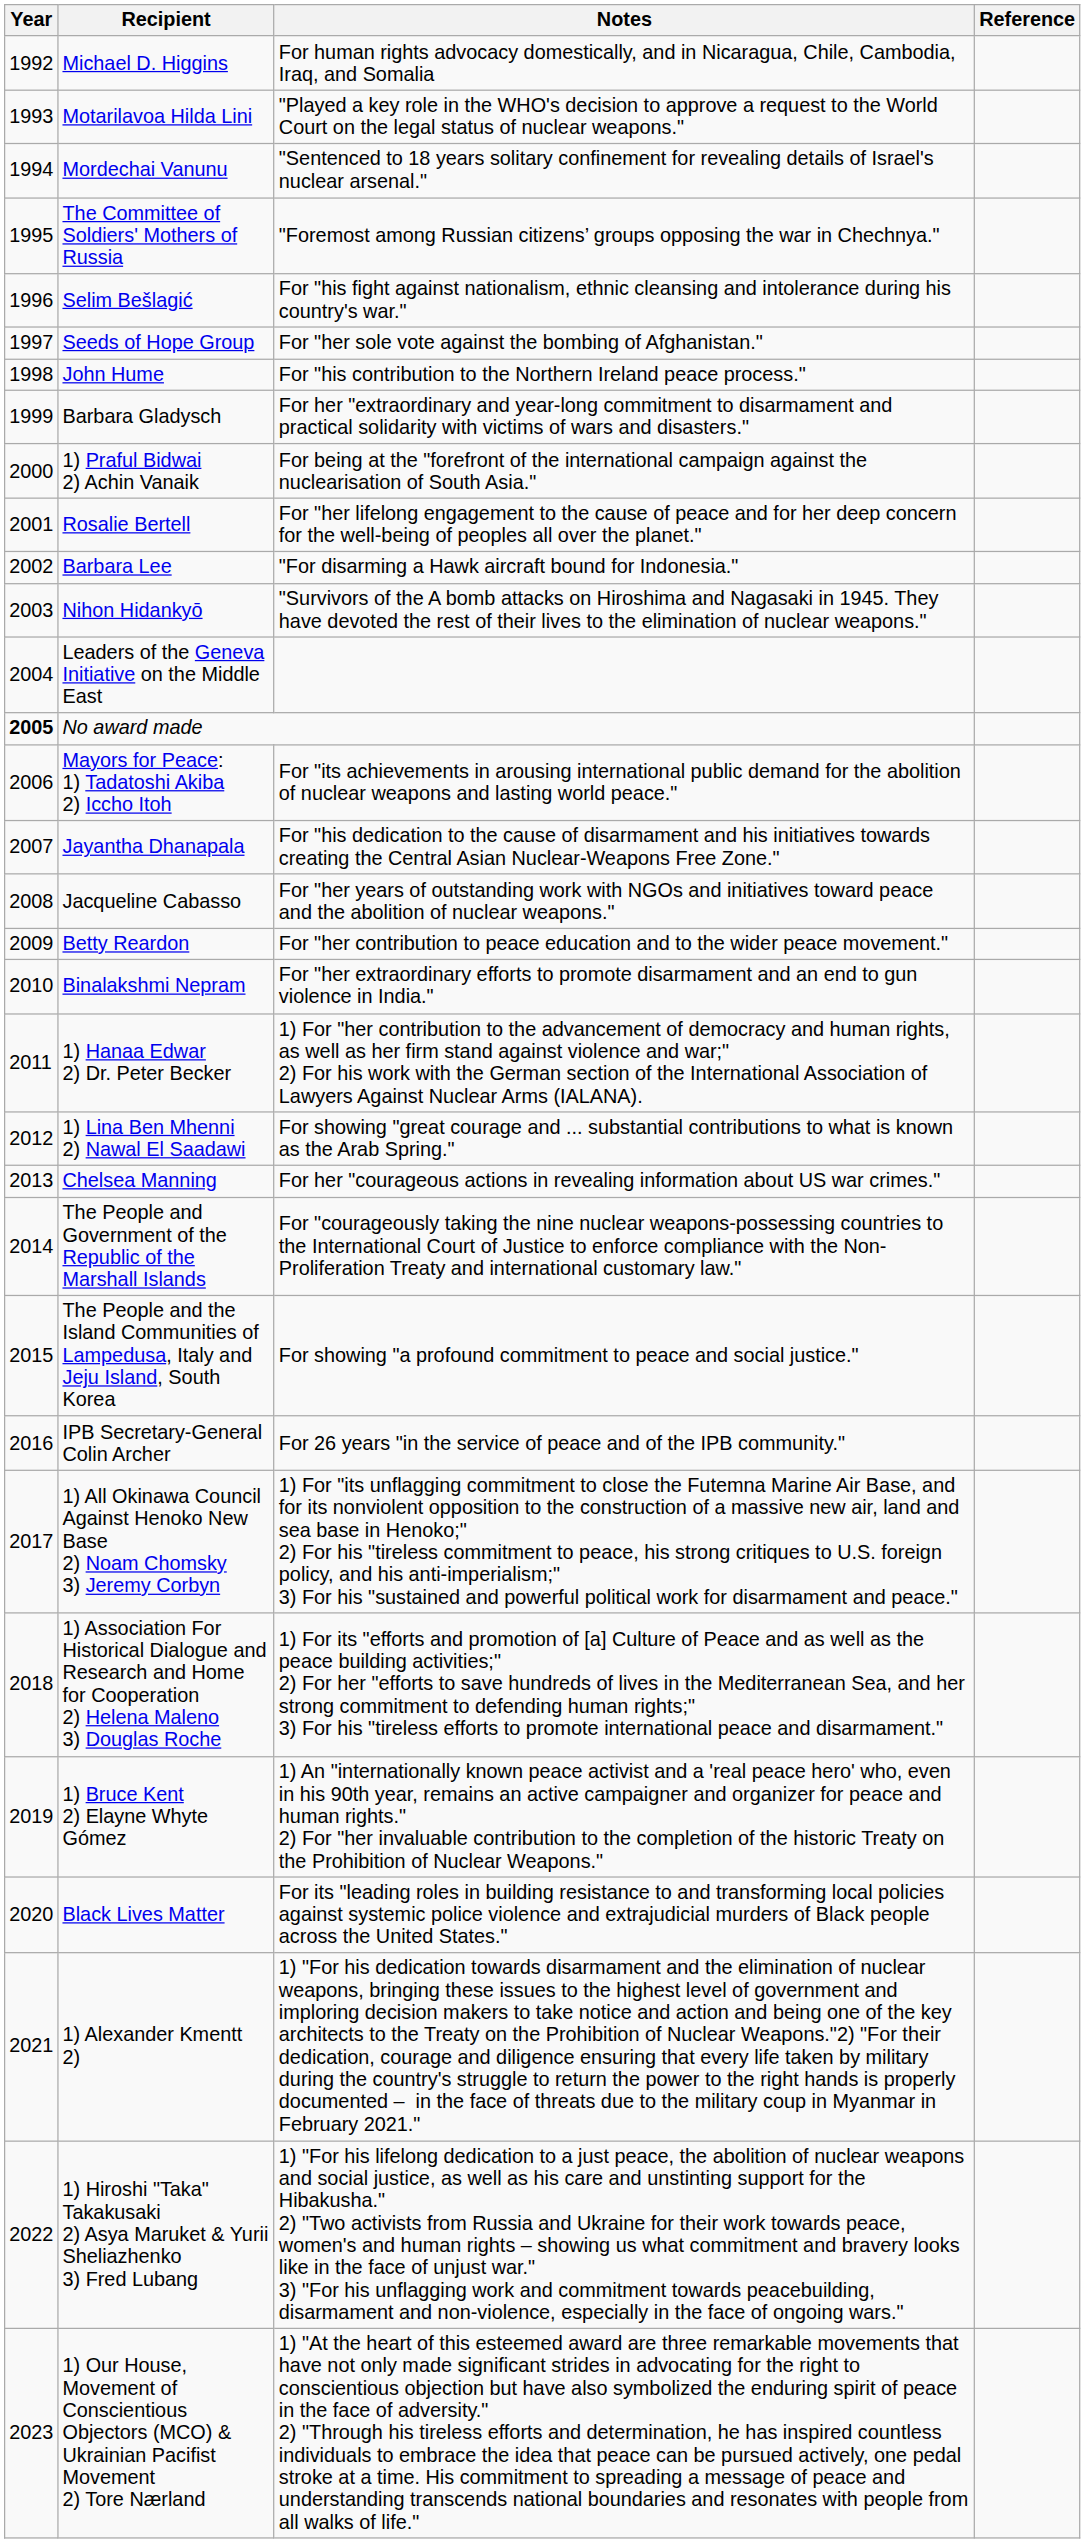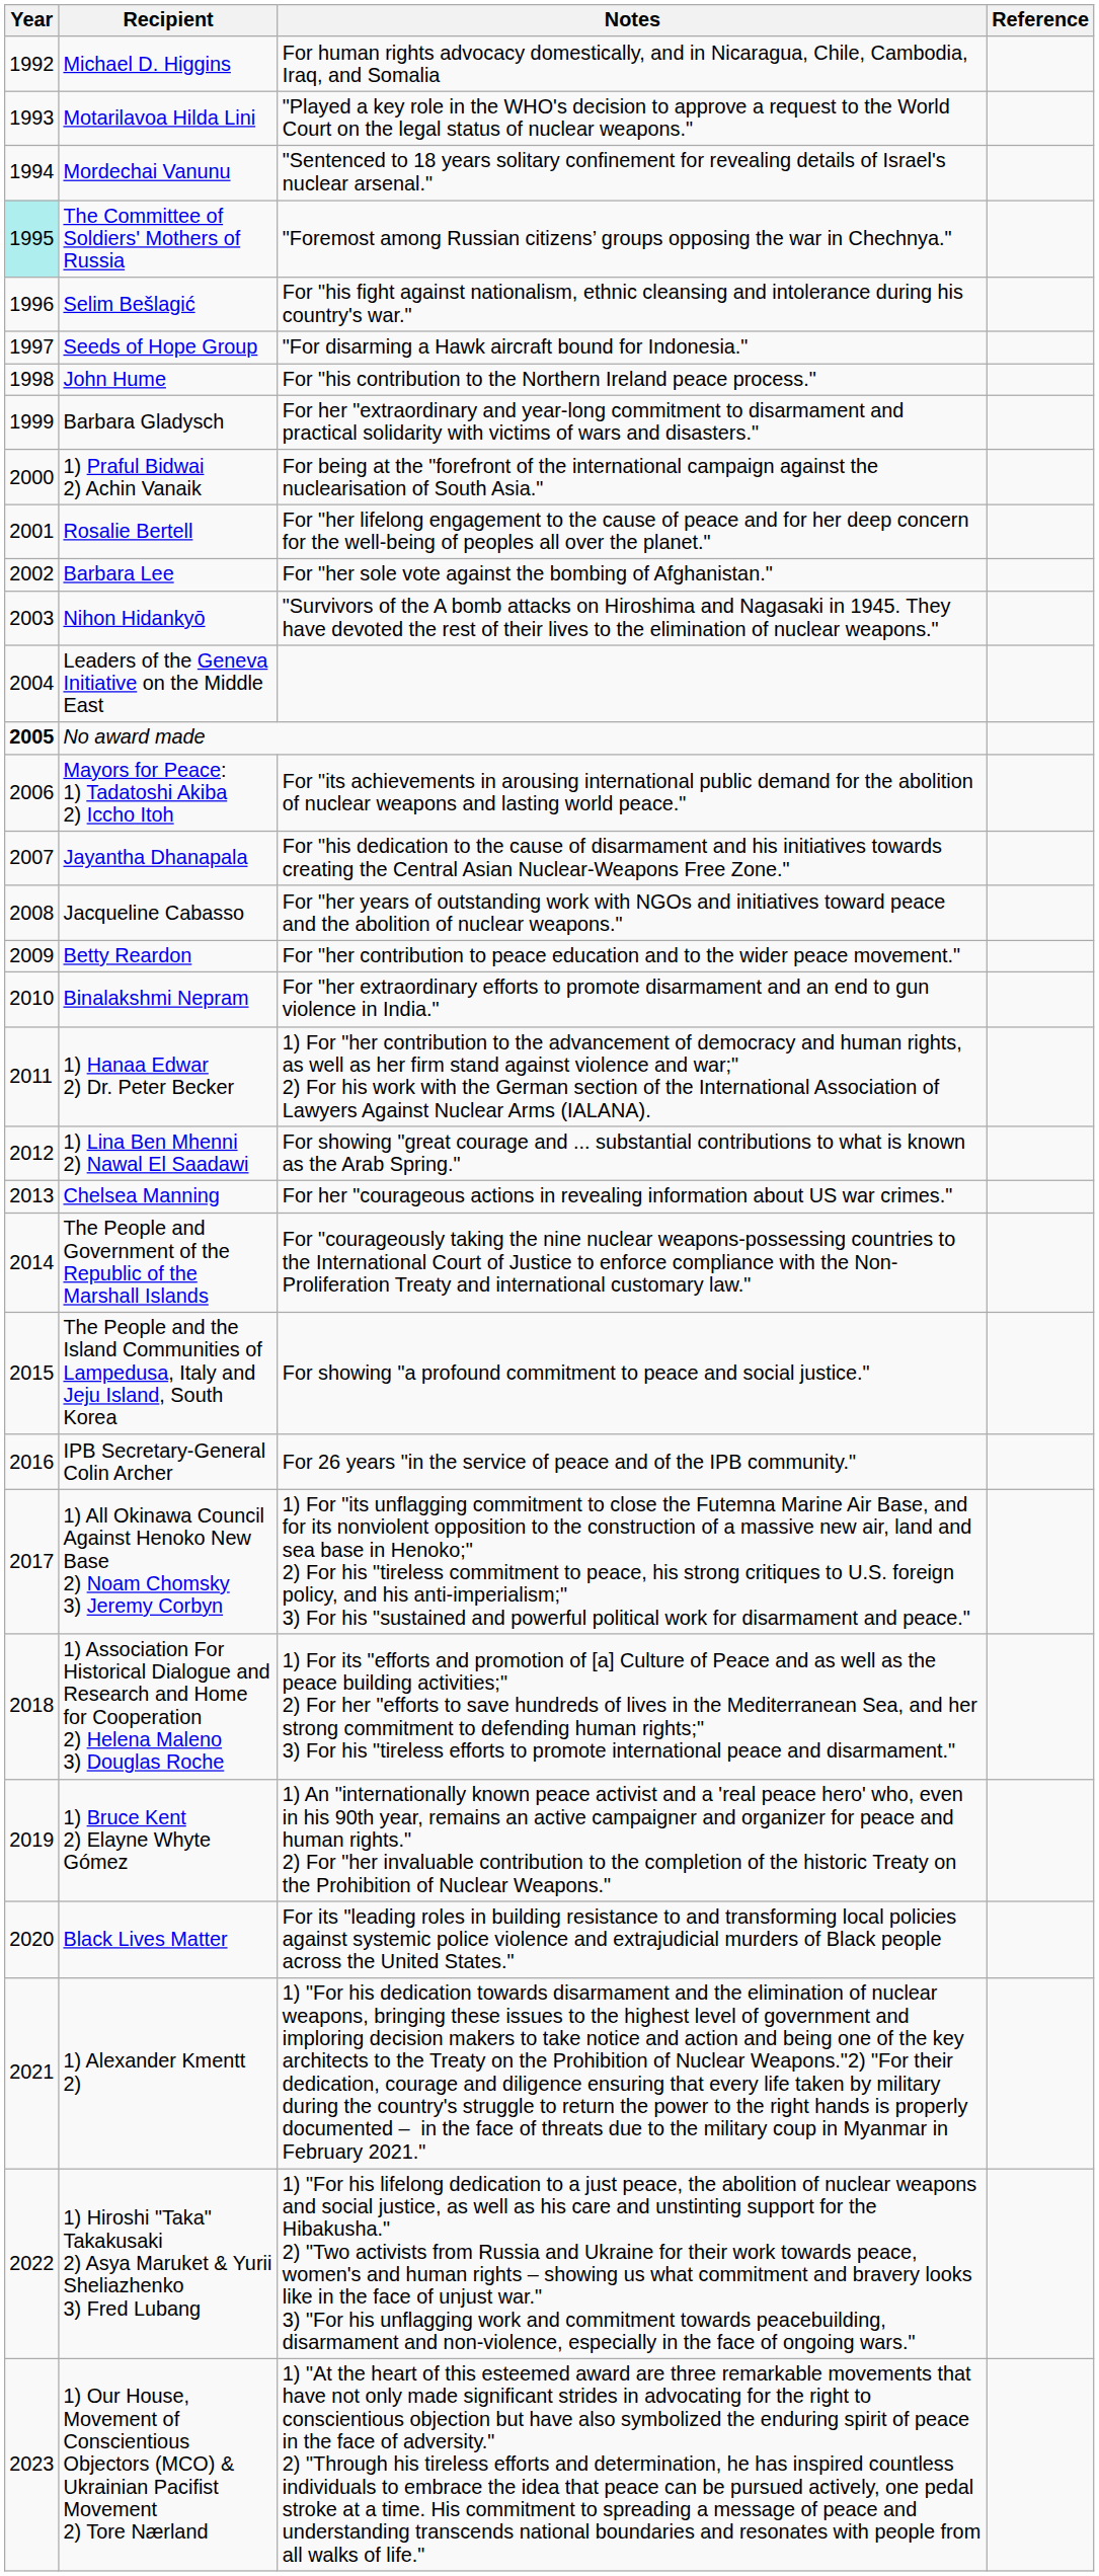 <table class="wikitable">
 <tr>
 <th>Year</th>
 <th>Recipient</th>
 <th>Notes</th>
 <th>Reference</th>
 </tr>
 <tr>
 <td>1992</td>
 <td><a href='#'>Michael D. Higgins</a></td>
 <td>For human rights advocacy domestically, and in Nicaragua, Chile, Cambodia, Iraq, and Somalia</td>
 <td></td>
 </tr>
 <tr>
 <td>1993</td>
 <td><a href='#'>Motarilavoa Hilda Lini</a></td>
 <td>"Played a key role in the WHO's decision to approve a request to the World Court on the legal status of nuclear weapons."</td>
 <td></td>
 </tr>
 <tr>
 <td>1994</td>
 <td><a href='#'>Mordechai Vanunu</a></td>
 <td>"Sentenced to 18 years solitary confinement for revealing details of Israel's nuclear arsenal."</td>
 <td></td>
 </tr>
 <tr>
-<td>1995</td>
+<td style="background: paleturquoise;">1995</td>
 <td><a href='#'>The Committee of Soldiers' Mothers of Russia</a></td>
 <td>"Foremost among Russian citizens’ groups opposing the war in Chechnya."</td>
 <td></td>
 </tr>
 <tr>
 <td>1996</td>
 <td><a href='#'>Selim Bešlagić</a></td>
 <td>For "his fight against nationalism, ethnic cleansing and intolerance during his country's war."</td>
 <td></td>
 </tr>
 <tr>
 <td>1997</td>
 <td><a href='#'>Seeds of Hope Group</a></td>
-<td>For "her sole vote against the bombing of Afghanistan."</td>
+<td>"For disarming a Hawk aircraft bound for Indonesia."</td>
 <td></td>
 </tr>
 <tr>
 <td>1998</td>
 <td><a href='#'>John Hume</a></td>
 <td>For "his contribution to the Northern Ireland peace process."</td>
 <td></td>
 </tr>
 <tr>
 <td>1999</td>
 <td>Barbara Gladysch</td>
 <td>For her "extraordinary and year-long commitment to disarmament and practical solidarity with victims of wars and disasters."</td>
 <td></td>
 </tr>
 <tr>
 <td>2000</td>
 <td>1) <a href='#'>Praful Bidwai</a> <br>2) Achin Vanaik</td>
 <td>For being at the "forefront of the international campaign against the nuclearisation of South Asia."</td>
 <td></td>
 </tr>
 <tr>
 <td>2001</td>
 <td><a href='#'>Rosalie Bertell</a></td>
 <td>For "her lifelong engagement to the cause of peace and for her deep concern for the well-being of peoples all over the planet."</td>
 <td></td>
 </tr>
 <tr>
 <td>2002</td>
 <td><a href='#'>Barbara Lee</a></td>
-<td>"For disarming a Hawk aircraft bound for Indonesia."</td>
+<td>For "her sole vote against the bombing of Afghanistan."</td>
 <td></td>
 </tr>
 <tr>
 <td>2003</td>
 <td><a href='#'>Nihon Hidankyō</a></td>
 <td>"Survivors of the A bomb attacks on Hiroshima and Nagasaki in 1945. They have devoted the rest of their lives to the elimination of nuclear weapons."</td>
 <td></td>
 </tr>
 <tr>
 <td>2004</td>
 <td>Leaders of the <a href='#'>Geneva Initiative</a> on the Middle East</td>
 <td></td>
 <td></td>
 </tr>
 <tr>
 <td><strong>2005</strong></td>
 <td colspan="2"><em>No award made</em></td>
 <td></td>
 </tr>
 <tr>
 <td>2006</td>
 <td><a href='#'>Mayors for Peace</a>:<br>1) <a href='#'>Tadatoshi Akiba</a> <br>2) <a href='#'>Iccho Itoh</a></td>
 <td>For "its achievements in arousing international public demand for the abolition of nuclear weapons and lasting world peace."</td>
 <td></td>
 </tr>
 <tr>
 <td>2007</td>
 <td><a href='#'>Jayantha Dhanapala</a></td>
 <td>For "his dedication to the cause of disarmament and his initiatives towards creating the Central Asian Nuclear-Weapons Free Zone."</td>
 <td></td>
 </tr>
 <tr>
 <td>2008</td>
 <td>Jacqueline Cabasso</td>
 <td>For "her years of outstanding work with NGOs and initiatives toward peace and the abolition of nuclear weapons."</td>
 <td></td>
 </tr>
 <tr>
 <td>2009</td>
 <td><a href='#'>Betty Reardon</a></td>
 <td>For "her contribution to peace education and to the wider peace movement."</td>
 <td></td>
 </tr>
 <tr>
 <td>2010</td>
 <td><a href='#'>Binalakshmi Nepram</a></td>
 <td>For "her extraordinary efforts to promote disarmament and an end to gun violence in India."</td>
 <td></td>
 </tr>
 <tr>
 <td>2011</td>
 <td>1) <a href='#'>Hanaa Edwar</a> <br>2) Dr. Peter Becker</td>
 <td>1) For "her contribution to the advancement of democracy and human rights, as well as her firm stand against violence and war;" <br>2) For his work with the German section of the International Association of Lawyers Against Nuclear Arms (IALANA).</td>
 <td></td>
 </tr>
 <tr>
 <td>2012</td>
 <td>1) <a href='#'>Lina Ben Mhenni</a> <br>2) <a href='#'>Nawal El Saadawi</a></td>
 <td>For showing "great courage and ... substantial contributions to what is known as the Arab Spring."</td>
 <td></td>
 </tr>
 <tr>
 <td>2013</td>
 <td><a href='#'>Chelsea Manning</a></td>
 <td>For her "courageous actions in revealing information about US war crimes."</td>
 <td></td>
 </tr>
 <tr>
 <td>2014</td>
 <td>The People and Government of the <a href='#'>Republic of the Marshall Islands</a></td>
 <td>For "courageously taking the nine nuclear weapons-possessing countries to the International Court of Justice to enforce compliance with the Non-Proliferation Treaty and international customary law."</td>
 <td></td>
 </tr>
 <tr>
 <td>2015</td>
 <td>The People and the Island Communities of <a href='#'>Lampedusa</a>, Italy and <a href='#'>Jeju Island</a>, South Korea</td>
 <td>For showing "a profound commitment to peace and social justice."</td>
 <td></td>
 </tr>
 <tr>
 <td>2016</td>
 <td>IPB Secretary-General Colin Archer</td>
 <td>For 26 years "in the service of peace and of the IPB community."</td>
 <td></td>
 </tr>
 <tr>
 <td>2017</td>
 <td>1) All Okinawa Council Against Henoko New Base <br>2) <a href='#'>Noam Chomsky</a> <br>3) <a href='#'>Jeremy Corbyn</a></td>
 <td>1) For "its unflagging commitment to close the Futemna Marine Air Base, and for its nonviolent opposition to the construction of a massive new air, land and sea base in Henoko;" <br>2) For his "tireless commitment to peace, his strong critiques to U.S. foreign policy, and his anti-imperialism;" <br>3) For his "sustained and powerful political work for disarmament and peace."</td>
 <td></td>
 </tr>
 <tr>
 <td>2018</td>
 <td>1) Association For Historical Dialogue and Research and Home for Cooperation <br>2) <a href='#'>Helena Maleno</a> <br>3) <a href='#'>Douglas Roche</a></td>
 <td>1) For its "efforts and promotion of [a] Culture of Peace and as well as the peace building activities;" <br>2) For her "efforts to save hundreds of lives in the Mediterranean Sea, and her strong commitment to defending human rights;" <br>3) For his "tireless efforts to promote international peace and disarmament."</td>
 <td></td>
 </tr>
 <tr>
 <td>2019</td>
 <td>1) <a href='#'>Bruce Kent</a><br>2) Elayne Whyte Gómez</td>
 <td>1) An "internationally known peace activist and a 'real peace hero' who, even in his 90th year, remains an active campaigner and organizer for peace and human rights."<br>2) For "her invaluable contribution to the completion of the historic Treaty on the Prohibition of Nuclear Weapons."</td>
 <td></td>
 </tr>
 <tr>
 <td>2020</td>
 <td><a href='#'>Black Lives Matter</a></td>
 <td>For its "leading roles in building resistance to and transforming local policies against systemic police violence and extrajudicial murders of Black people across the United States."</td>
 <td></td>
 </tr>
 <tr>
 <td>2021</td>
 <td>1) Alexander Kmentt<br>2) </td>
 <td>1) "For his dedication towards disarmament and the elimination of nuclear weapons, bringing these issues to the highest level of government and imploring decision makers to take notice and action and being one of the key architects to the Treaty on the Prohibition of Nuclear Weapons."2) "For their dedication, courage and diligence ensuring that every life taken by military during the country's struggle to return the power to the right hands is properly documented –  in the face of threats due to the military coup in Myanmar in February 2021."</td>
 <td></td>
 </tr>
 <tr>
 <td>2022</td>
 <td>1) Hiroshi "Taka" Takakusaki<br>2) Asya Maruket & Yurii Sheliazhenko<br>3) Fred Lubang</td>
 <td>1) "For his lifelong dedication to a just peace, the abolition of nuclear weapons and social justice, as well as his care and unstinting support for the Hibakusha."<br>2) "Two activists from Russia and Ukraine for their work towards peace, women's and human rights  – showing us what commitment and bravery looks like in the face of unjust war."<br>3) "For his unflagging work and commitment towards peacebuilding, disarmament and non-violence, especially in the face of ongoing wars."</td>
 <td></td>
 </tr>
 <tr>
 <td>2023</td>
 <td>1) Our House, Movement of Conscientious Objectors (MCO) & Ukrainian Pacifist Movement<br>2) Tore Nærland</td>
 <td>1) "At the heart of this esteemed award are three remarkable movements that have not only made significant strides in advocating for the right to conscientious objection but have also symbolized the enduring spirit of peace in the face of adversity."<br>2) "Through his tireless efforts and determination, he has inspired countless individuals to embrace the idea that peace can be pursued actively, one pedal stroke at a time. His commitment to spreading a message of peace and understanding transcends national boundaries and resonates with people from all walks of life."</td>
 <td></td>
 </tr>
 </table>
